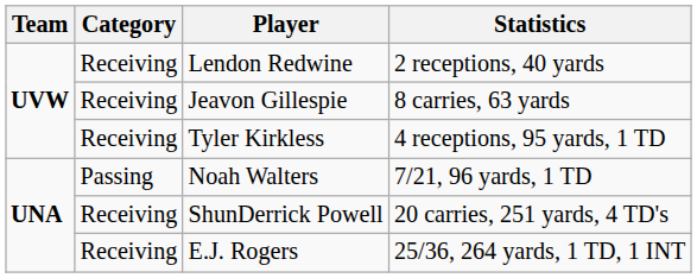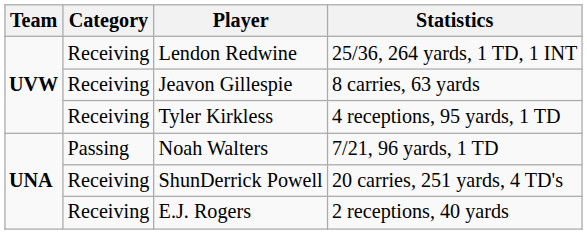 <table class="wikitable" style="float: right;">
 <tr>
 <th>Team</th>
 <th>Category</th>
 <th>Player</th>
 <th>Statistics</th>
 </tr>
 <tr>
 <td rowspan=3><strong>UVW</strong></td>
 <td>Receiving</td>
 <td>Lendon Redwine</td>
-<td>2 receptions, 40 yards</td>
+<td>25/36, 264 yards, 1 TD, 1 INT</td>
 </tr>
 <tr>
 <td>Receiving</td>
 <td>Jeavon Gillespie</td>
 <td>8 carries, 63 yards</td>
 </tr>
 <tr>
 <td>Receiving</td>
 <td>Tyler Kirkless</td>
 <td>4 receptions, 95 yards, 1 TD</td>
 </tr>
 <tr>
 <td rowspan=3><strong>UNA</strong></td>
 <td>Passing</td>
 <td>Noah Walters</td>
 <td>7/21, 96 yards, 1 TD</td>
 </tr>
 <tr>
 <td>Receiving</td>
 <td>ShunDerrick Powell</td>
 <td>20 carries, 251 yards, 4 TD's</td>
 </tr>
 <tr>
 <td>Receiving</td>
 <td>E.J. Rogers</td>
-<td>25/36, 264 yards, 1 TD, 1 INT</td>
+<td>2 receptions, 40 yards</td>
 </tr>
 </table>
